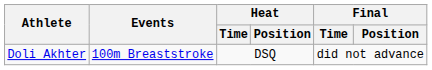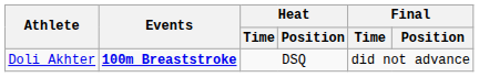 <table class=wikitable style="font-size:90%">
 <tr>
 <th rowspan="2">Athlete</th>
 <th rowspan="2">Events</th>
 <th colspan="2">Heat</th>
 <th colspan="2">Final</th>
 </tr>
 <tr>
 <th>Time</th>
 <th>Position</th>
 <th>Time</th>
 <th>Position</th>
 </tr>
 <tr>
 <td><a href='#'>Doli Akhter</a></td>
-<td><a href='#'>100m Breaststroke</a></td>
+<td><strong><a href='#'>100m Breaststroke</a></strong></td>
 <td align=center colspan="2">DSQ</td>
 <td align=center colspan="2">did not advance</td>
 </tr>
 </table>
